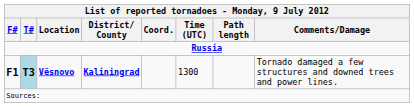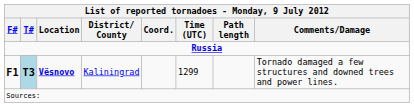 <table class="wikitable collapsible" width="100%">
 <tr>
 <th colspan="8">List of reported tornadoes - Monday, 9 July 2012</th>
 </tr>
 <tr>
 <th><a href='#'>F#</a></th>
 <th><a href='#'>T#</a></th>
 <th>Location</th>
 <th>District/<br>County</th>
 <th>Coord.</th>
 <th>Time (UTC)</th>
 <th>Path length</th>
 <th>Comments/Damage</th>
 </tr>
 <tr>
 <td colspan="8" align=center><strong><a href='#'>Russia</a></strong></td>
 </tr>
 <tr>
 <td><big><strong>F1</strong></big></td>
 <td style="background: lightblue;"><big><strong>T3</strong></big></td>
 <td><strong><a href='#'>Vësnovo</a></strong></td>
-<td><strong><a href='#'>Kaliningrad</a></strong></td>
+<td><a href='#'>Kaliningrad</a></td>
 <td></td>
-<td>1300</td>
+<td>1299</td>
 <td></td>
 <td>Tornado damaged a few structures and downed trees and power lines.</td>
 </tr>
 <tr>
 <td colspan="8"><small>Sources:  </small></td>
 </tr>
 </table>
